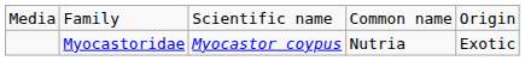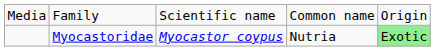 <table class="wikitable">
 <tr>
 <td>Media</td>
 <td>Family</td>
 <td>Scientific name</td>
 <td>Common name</td>
 <td>Origin</td>
 </tr>
 <tr>
 <td></td>
 <td><a href='#'>Myocastoridae</a></td>
 <td><em><a href='#'>Myocastor coypus</a></em></td>
 <td>Nutria</td>
-<td>Exotic</td>
+<td style="background: lightgreen;">Exotic</td>
 </tr>
 </table>
